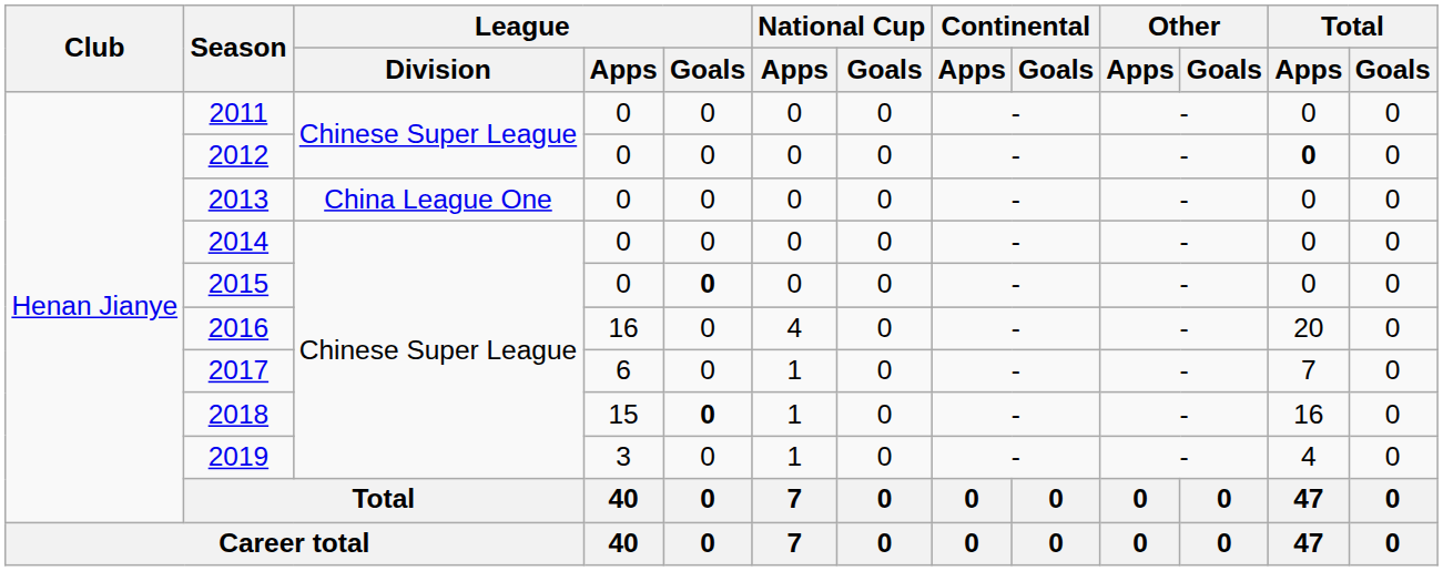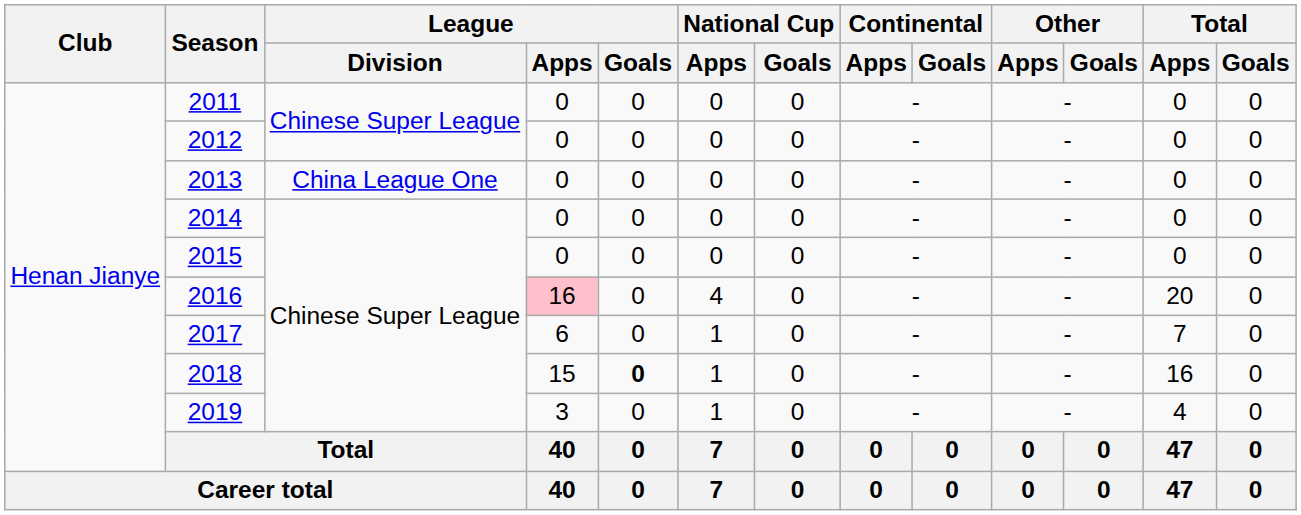 <table class="wikitable" style="text-align: center">
 <tr>
 <th rowspan="2">Club</th>
 <th rowspan="2">Season</th>
 <th colspan="3">League</th>
 <th colspan="2">National Cup</th>
 <th colspan="2">Continental</th>
 <th colspan="2">Other</th>
 <th colspan="2">Total</th>
 </tr>
 <tr>
 <th>Division</th>
 <th>Apps</th>
 <th>Goals</th>
 <th>Apps</th>
 <th>Goals</th>
 <th>Apps</th>
 <th>Goals</th>
 <th>Apps</th>
 <th>Goals</th>
 <th>Apps</th>
 <th>Goals</th>
 </tr>
 <tr>
 <td rowspan="10"><a href='#'>Henan Jianye</a></td>
 <td><a href='#'>2011</a></td>
 <td rowspan="2"><a href='#'>Chinese Super League</a></td>
 <td>0</td>
 <td>0</td>
 <td>0</td>
 <td>0</td>
 <td colspan="2">-</td>
 <td colspan="2">-</td>
 <td>0</td>
 <td>0</td>
 </tr>
 <tr>
 <td><a href='#'>2012</a></td>
 <td>0</td>
 <td>0</td>
 <td>0</td>
 <td>0</td>
 <td colspan="2">-</td>
 <td colspan="2">-</td>
-<td><strong>0</strong></td>
+<td>0</td>
 <td>0</td>
 </tr>
 <tr>
 <td><a href='#'>2013</a></td>
 <td rowspan="1"><a href='#'>China League One</a></td>
 <td>0</td>
 <td>0</td>
 <td>0</td>
 <td>0</td>
 <td colspan="2">-</td>
 <td colspan="2">-</td>
 <td>0</td>
 <td>0</td>
 </tr>
 <tr>
 <td><a href='#'>2014</a></td>
 <td rowspan="6">Chinese Super League</td>
 <td>0</td>
 <td>0</td>
 <td>0</td>
 <td>0</td>
 <td colspan="2">-</td>
 <td colspan="2">-</td>
 <td>0</td>
 <td>0</td>
 </tr>
 <tr>
 <td><a href='#'>2015</a></td>
 <td>0</td>
-<td><strong>0</strong></td>
+<td>0</td>
 <td>0</td>
 <td>0</td>
 <td colspan="2">-</td>
 <td colspan="2">-</td>
 <td>0</td>
 <td>0</td>
 </tr>
 <tr>
 <td><a href='#'>2016</a></td>
-<td>16</td>
+<td style="background: pink;">16</td>
 <td>0</td>
 <td>4</td>
 <td>0</td>
 <td colspan="2">-</td>
 <td colspan="2">-</td>
 <td>20</td>
 <td>0</td>
 </tr>
 <tr>
 <td><a href='#'>2017</a></td>
 <td>6</td>
 <td>0</td>
 <td>1</td>
 <td>0</td>
 <td colspan="2">-</td>
 <td colspan="2">-</td>
 <td>7</td>
 <td>0</td>
 </tr>
 <tr>
 <td><a href='#'>2018</a></td>
 <td>15</td>
 <td><strong>0</strong></td>
 <td>1</td>
 <td>0</td>
 <td colspan="2">-</td>
 <td colspan="2">-</td>
 <td>16</td>
 <td>0</td>
 </tr>
 <tr>
 <td><a href='#'>2019</a></td>
 <td>3</td>
 <td>0</td>
 <td>1</td>
 <td>0</td>
 <td colspan="2">-</td>
 <td colspan="2">-</td>
 <td>4</td>
 <td>0</td>
 </tr>
 <tr>
 <th colspan="2"><strong>Total</strong></th>
 <th>40</th>
 <th>0</th>
 <th>7</th>
 <th>0</th>
 <th>0</th>
 <th>0</th>
 <th>0</th>
 <th>0</th>
 <th>47</th>
 <th>0</th>
 </tr>
 <tr>
 <th colspan=3>Career total</th>
 <th>40</th>
 <th>0</th>
 <th>7</th>
 <th>0</th>
 <th>0</th>
 <th>0</th>
 <th>0</th>
 <th>0</th>
 <th>47</th>
 <th>0</th>
 </tr>
 </table>
